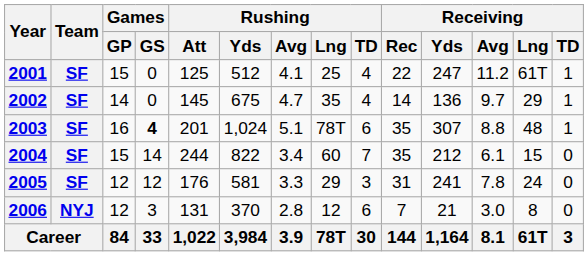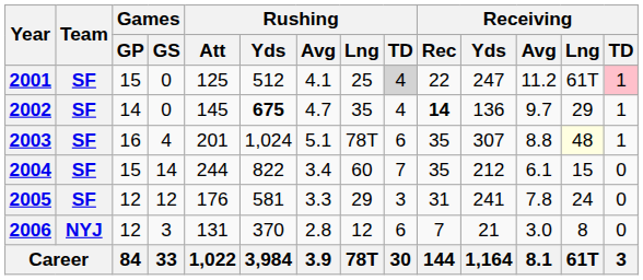 <table class="wikitable" style="text-align: center;">
 <tr>
 <th rowspan="2">Year</th>
 <th rowspan="2">Team</th>
 <th colspan="2">Games</th>
 <th colspan="5">Rushing</th>
 <th colspan="5">Receiving</th>
 </tr>
 <tr>
 <th>GP</th>
 <th>GS</th>
 <th>Att</th>
 <th>Yds</th>
 <th>Avg</th>
 <th>Lng</th>
 <th>TD</th>
 <th>Rec</th>
 <th>Yds</th>
 <th>Avg</th>
 <th>Lng</th>
 <th>TD</th>
 </tr>
 <tr>
 <th><a href='#'>2001</a></th>
 <th><a href='#'>SF</a></th>
 <td>15</td>
 <td>0</td>
 <td>125</td>
 <td>512</td>
 <td>4.1</td>
 <td>25</td>
-<td>4</td>
+<td style="background: lightgrey;">4</td>
 <td>22</td>
 <td>247</td>
 <td>11.2</td>
 <td>61T</td>
-<td>1</td>
+<td style="background: pink;">1</td>
 </tr>
 <tr>
 <th><a href='#'>2002</a></th>
 <th><a href='#'>SF</a></th>
 <td>14</td>
 <td>0</td>
 <td>145</td>
-<td>675</td>
+<td><strong>675</strong></td>
 <td>4.7</td>
 <td>35</td>
 <td>4</td>
-<td>14</td>
+<td><strong>14</strong></td>
 <td>136</td>
 <td>9.7</td>
 <td>29</td>
 <td>1</td>
 </tr>
 <tr>
 <th><a href='#'>2003</a></th>
 <th><a href='#'>SF</a></th>
 <td>16</td>
-<td><strong>4</strong></td>
+<td>4</td>
 <td>201</td>
 <td>1,024</td>
 <td>5.1</td>
 <td>78T</td>
 <td>6</td>
 <td>35</td>
 <td>307</td>
 <td>8.8</td>
-<td>48</td>
+<td style="background: lightyellow;">48</td>
 <td>1</td>
 </tr>
 <tr>
 <th><a href='#'>2004</a></th>
 <th><a href='#'>SF</a></th>
 <td>15</td>
 <td>14</td>
 <td>244</td>
 <td>822</td>
 <td>3.4</td>
 <td>60</td>
 <td>7</td>
 <td>35</td>
 <td>212</td>
 <td>6.1</td>
 <td>15</td>
 <td>0</td>
 </tr>
 <tr>
 <th><a href='#'>2005</a></th>
 <th><a href='#'>SF</a></th>
 <td>12</td>
 <td>12</td>
 <td>176</td>
 <td>581</td>
 <td>3.3</td>
 <td>29</td>
 <td>3</td>
 <td>31</td>
 <td>241</td>
 <td>7.8</td>
 <td>24</td>
 <td>0</td>
 </tr>
 <tr>
 <th><a href='#'>2006</a></th>
 <th><a href='#'>NYJ</a></th>
 <td>12</td>
 <td>3</td>
 <td>131</td>
 <td>370</td>
 <td>2.8</td>
 <td>12</td>
 <td>6</td>
 <td>7</td>
 <td>21</td>
 <td>3.0</td>
 <td>8</td>
 <td>0</td>
 </tr>
 <tr>
 <th colspan="2">Career</th>
 <th>84</th>
 <th>33</th>
 <th>1,022</th>
 <th>3,984</th>
 <th>3.9</th>
 <th>78T</th>
 <th>30</th>
 <th>144</th>
 <th>1,164</th>
 <th>8.1</th>
 <th>61T</th>
 <th>3</th>
 </tr>
 </table>
